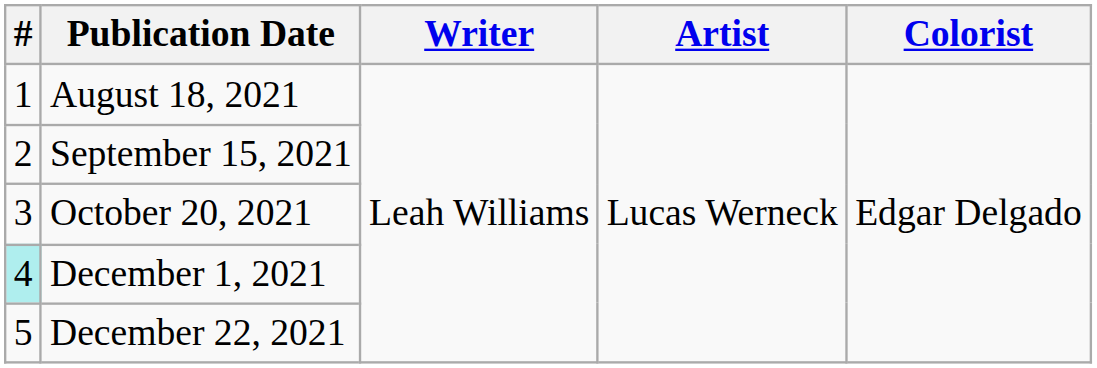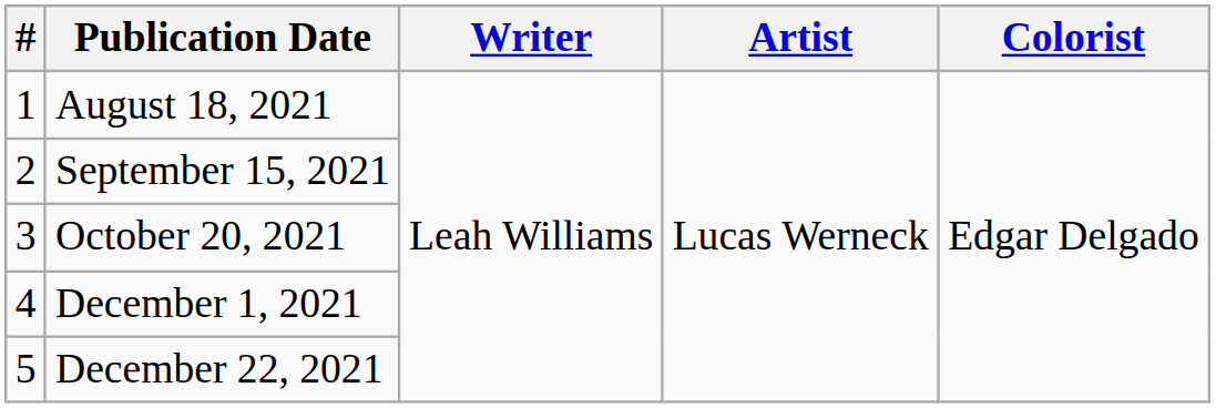 <table class="wikitable">
 <tr>
 <th>#</th>
 <th>Publication Date</th>
 <th><a href='#'>Writer</a></th>
 <th><a href='#'>Artist</a></th>
 <th><a href='#'>Colorist</a></th>
 </tr>
 <tr>
 <td>1</td>
 <td>August 18, 2021</td>
 <td rowspan="5">Leah Williams</td>
 <td rowspan="5">Lucas Werneck</td>
 <td rowspan="5">Edgar Delgado</td>
 </tr>
 <tr>
 <td>2</td>
 <td>September 15, 2021</td>
 </tr>
 <tr>
 <td>3</td>
 <td>October 20, 2021</td>
 </tr>
 <tr>
-<td style="background: paleturquoise;">4</td>
+<td>4</td>
 <td>December 1, 2021</td>
 </tr>
 <tr>
 <td>5</td>
 <td>December 22, 2021</td>
 </tr>
 </table>
